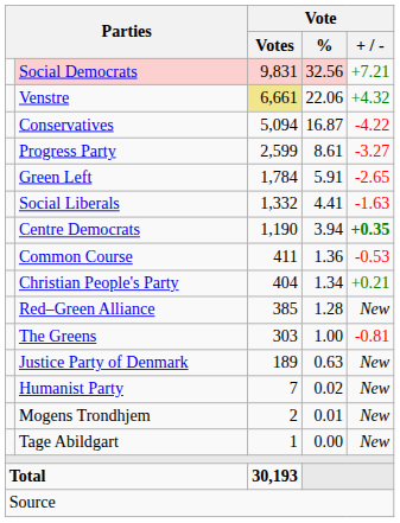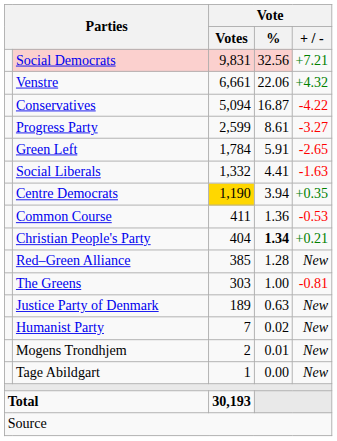 <table class="wikitable" style="text-align:right;">
 <tr>
 <th style="text-align:centre;" rowspan="2" colspan="2" width="225">Parties</th>
 <th colspan="3">Vote</th>
 </tr>
 <tr>
 <th width="15">Votes</th>
 <th width="15">%</th>
 <th width="15">+ / -</th>
 </tr>
 <tr>
 <td width="2" style="color:inherit;background:"></td>
 <td bgcolor=#fbd0ce  align="left"><a href='#'>Social Democrats</a></td>
 <td bgcolor=#fbd0ce>9,831</td>
 <td bgcolor=#fbd0ce>32.56</td>
 <td style=color:green;>+7.21</td>
 </tr>
 <tr>
 <td width="2" style="color:inherit;background:"></td>
 <td align="left"><a href='#'>Venstre</a></td>
-<td style="background: khaki;">6,661</td>
+<td>6,661</td>
 <td>22.06</td>
 <td style=color:green;>+4.32</td>
 </tr>
 <tr>
 <td width="2" style="color:inherit;background:"></td>
 <td align="left"><a href='#'>Conservatives</a></td>
 <td>5,094</td>
 <td>16.87</td>
 <td style=color:red;>-4.22</td>
 </tr>
 <tr>
 <td width="2" style="color:inherit;background:"></td>
 <td align="left"><a href='#'>Progress Party</a></td>
 <td>2,599</td>
 <td>8.61</td>
 <td style=color:red;>-3.27</td>
 </tr>
 <tr>
 <td width="2" style="color:inherit;background:"></td>
 <td align="left"><a href='#'>Green Left</a></td>
 <td>1,784</td>
 <td>5.91</td>
 <td style=color:red;>-2.65</td>
 </tr>
 <tr>
 <td width="2" style="color:inherit;background:"></td>
 <td align="left"><a href='#'>Social Liberals</a></td>
 <td>1,332</td>
 <td>4.41</td>
 <td style=color:red;>-1.63</td>
 </tr>
 <tr>
 <td width="2" style="color:inherit;background:"></td>
 <td align="left"><a href='#'>Centre Democrats</a></td>
-<td>1,190</td>
+<td style="background: gold;">1,190</td>
 <td>3.94</td>
-<td style=color:green;><strong>+0.35</strong></td>
+<td style=color:green;>+0.35</td>
 </tr>
 <tr>
 <td width="2" style="color:inherit;background:"></td>
 <td align="left"><a href='#'>Common Course</a></td>
 <td>411</td>
 <td>1.36</td>
 <td style=color:red;>-0.53</td>
 </tr>
 <tr>
 <td width="2" style="color:inherit;background:"></td>
 <td align="left"><a href='#'>Christian People's Party</a></td>
 <td>404</td>
-<td>1.34</td>
+<td><strong>1.34</strong></td>
 <td style=color:green;>+0.21</td>
 </tr>
 <tr>
 <td width="2" style="color:inherit;background:"></td>
 <td align="left"><a href='#'>Red–Green Alliance</a></td>
 <td>385</td>
 <td>1.28</td>
 <td><em>New</em></td>
 </tr>
 <tr>
 <td width="2" style="color:inherit;background:"></td>
 <td align="left"><a href='#'>The Greens</a></td>
 <td>303</td>
 <td>1.00</td>
 <td style=color:red;>-0.81</td>
 </tr>
 <tr>
 <td width="2" style="color:inherit;background:"></td>
 <td align="left"><a href='#'>Justice Party of Denmark</a></td>
 <td>189</td>
 <td>0.63</td>
 <td><em>New</em></td>
 </tr>
 <tr>
 <td width="2" style="color:inherit;background:"></td>
 <td align="left"><a href='#'>Humanist Party</a></td>
 <td>7</td>
 <td>0.02</td>
 <td><em>New</em></td>
 </tr>
 <tr>
 <td width="2" style="color:inherit;background:"></td>
 <td align="left">Mogens Trondhjem</td>
 <td>2</td>
 <td>0.01</td>
 <td><em>New</em></td>
 </tr>
 <tr>
 <td width="2" style="color:inherit;background:"></td>
 <td align="left">Tage Abildgart</td>
 <td>1</td>
 <td>0.00</td>
 <td><em>New</em></td>
 </tr>
 <tr>
 <td colspan="7" bgcolor="#E9E9E9"></td>
 </tr>
 <tr>
 <td align="left" colspan="2"><strong>Total</strong></td>
 <td><strong>30,193</strong></td>
 <td bgcolor="#E9E9E9" colspan="2"></td>
 </tr>
 <tr>
 <td align="left" colspan="6">Source</td>
 </tr>
 </table>
